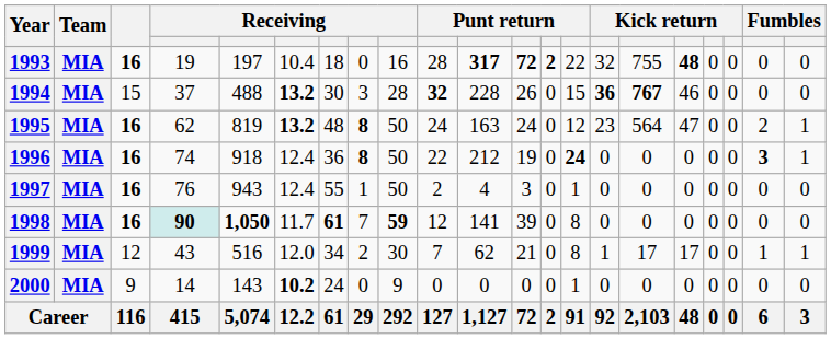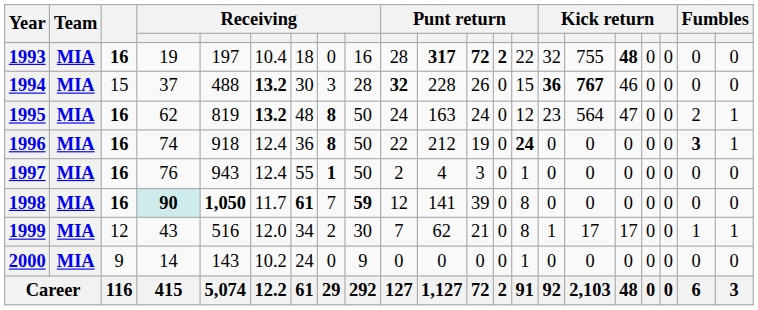 <table class="wikitable" style="text-align:center;">
 <tr>
 <th rowspan="2">Year</th>
 <th rowspan="2">Team</th>
 <th rowspan="2"></th>
 <th colspan="6">Receiving</th>
 <th colspan="5">Punt return</th>
 <th colspan="5">Kick return</th>
 <th colspan="2">Fumbles</th>
 </tr>
 <tr>
 <th></th>
 <th></th>
 <th></th>
 <th></th>
 <th></th>
 <th></th>
 <th></th>
 <th></th>
 <th></th>
 <th></th>
 <th></th>
 <th></th>
 <th></th>
 <th></th>
 <th></th>
 <th></th>
 <th></th>
 <th></th>
 </tr>
 <tr>
 <th><a href='#'>1993</a></th>
 <th><a href='#'>MIA</a></th>
 <td><strong> 16 </strong></td>
 <td>19</td>
 <td>197</td>
 <td>10.4</td>
 <td>18</td>
 <td>0</td>
 <td>16</td>
 <td>28</td>
 <td><strong> 317 </strong></td>
 <td><strong> 72 </strong></td>
 <td><strong> 2 </strong></td>
 <td>22</td>
 <td>32</td>
 <td>755</td>
 <td><strong> 48 </strong></td>
 <td>0</td>
 <td>0</td>
 <td>0</td>
 <td>0</td>
 </tr>
 <tr>
 <th><a href='#'>1994</a></th>
 <th><a href='#'>MIA</a></th>
 <td>15</td>
 <td>37</td>
 <td>488</td>
 <td><strong> 13.2 </strong></td>
 <td>30</td>
 <td>3</td>
 <td>28</td>
 <td><strong> 32 </strong></td>
 <td>228</td>
 <td>26</td>
 <td>0</td>
 <td>15</td>
 <td><strong> 36 </strong></td>
 <td><strong> 767 </strong></td>
 <td>46</td>
 <td>0</td>
 <td>0</td>
 <td>0</td>
 <td>0</td>
 </tr>
 <tr>
 <th><a href='#'>1995</a></th>
 <th><a href='#'>MIA</a></th>
 <td><strong> 16 </strong></td>
 <td>62</td>
 <td>819</td>
 <td><strong> 13.2 </strong></td>
 <td>48</td>
 <td><strong> 8 </strong></td>
 <td>50</td>
 <td>24</td>
 <td>163</td>
 <td>24</td>
 <td>0</td>
 <td>12</td>
 <td>23</td>
 <td>564</td>
 <td>47</td>
 <td>0</td>
 <td>0</td>
 <td>2</td>
 <td>1</td>
 </tr>
 <tr>
 <th><a href='#'>1996</a></th>
 <th><a href='#'>MIA</a></th>
 <td><strong> 16 </strong></td>
 <td>74</td>
 <td>918</td>
 <td>12.4</td>
 <td>36</td>
 <td><strong> 8 </strong></td>
 <td>50</td>
 <td>22</td>
 <td>212</td>
 <td>19</td>
 <td>0</td>
 <td><strong> 24 </strong></td>
 <td>0</td>
 <td>0</td>
 <td>0</td>
 <td>0</td>
 <td>0</td>
 <td><strong> 3 </strong></td>
 <td>1</td>
 </tr>
 <tr>
 <th><a href='#'>1997</a></th>
 <th><a href='#'>MIA</a></th>
 <td><strong> 16 </strong></td>
 <td>76</td>
 <td>943</td>
 <td>12.4</td>
 <td>55</td>
-<td>1</td>
+<td><strong>1</strong></td>
 <td>50</td>
 <td>2</td>
 <td>4</td>
 <td>3</td>
 <td>0</td>
 <td>1</td>
 <td>0</td>
 <td>0</td>
 <td>0</td>
 <td>0</td>
 <td>0</td>
 <td>0</td>
 <td>0</td>
 </tr>
 <tr>
 <th><a href='#'>1998</a></th>
 <th><a href='#'>MIA</a></th>
 <td><strong> 16 </strong></td>
 <td style="background:#cfecec; width:3em;"><strong> 90 </strong></td>
 <td><strong> 1,050 </strong></td>
 <td>11.7</td>
 <td><strong> 61 </strong></td>
 <td>7</td>
 <td><strong> 59 </strong></td>
 <td>12</td>
 <td>141</td>
 <td>39</td>
 <td>0</td>
 <td>8</td>
 <td>0</td>
 <td>0</td>
 <td>0</td>
 <td>0</td>
 <td>0</td>
 <td>0</td>
 <td>0</td>
 </tr>
 <tr>
 <th><a href='#'>1999</a></th>
 <th><a href='#'>MIA</a></th>
 <td>12</td>
 <td>43</td>
 <td>516</td>
 <td>12.0</td>
 <td>34</td>
 <td>2</td>
 <td>30</td>
 <td>7</td>
 <td>62</td>
 <td>21</td>
 <td>0</td>
 <td>8</td>
 <td>1</td>
 <td>17</td>
 <td>17</td>
 <td>0</td>
 <td>0</td>
 <td>1</td>
 <td>1</td>
 </tr>
 <tr>
 <th><a href='#'>2000</a></th>
 <th><a href='#'>MIA</a></th>
 <td>9</td>
 <td>14</td>
 <td>143</td>
-<td><strong>10.2</strong></td>
+<td>10.2</td>
 <td>24</td>
 <td>0</td>
 <td>9</td>
 <td>0</td>
 <td>0</td>
 <td>0</td>
 <td>0</td>
 <td>1</td>
 <td>0</td>
 <td>0</td>
 <td>0</td>
 <td>0</td>
 <td>0</td>
 <td>0</td>
 <td>0</td>
 </tr>
 <tr>
 <th colspan="2">Career</th>
 <th>116</th>
 <th>415</th>
 <th>5,074</th>
 <th>12.2</th>
 <th>61</th>
 <th>29</th>
 <th>292</th>
 <th>127</th>
 <th>1,127</th>
 <th>72</th>
 <th>2</th>
 <th>91</th>
 <th>92</th>
 <th>2,103</th>
 <th>48</th>
 <th>0</th>
 <th>0</th>
 <th>6</th>
 <th>3</th>
 </tr>
 </table>
